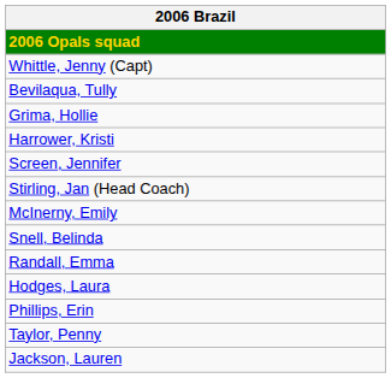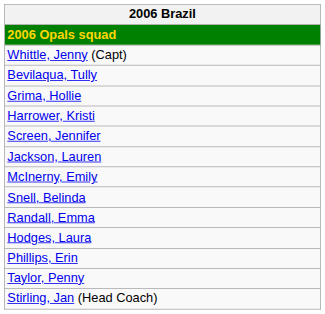 <table class="wikitable collapsible autocollapse" width=25%>
 <tr>
 <th>2006 Brazil</th>
 </tr>
 <tr>
 <td bgcolor=green style="color:gold; width:200px"><strong>2006 Opals squad</strong></td>
 </tr>
 <tr>
 <td><a href='#'>Whittle, Jenny</a> (Capt)</td>
 </tr>
 <tr>
 <td><a href='#'>Bevilaqua, Tully</a></td>
 </tr>
 <tr>
 <td><a href='#'>Grima, Hollie</a></td>
 </tr>
 <tr>
 <td><a href='#'>Harrower, Kristi</a></td>
 </tr>
 <tr>
 <td><a href='#'>Screen, Jennifer</a></td>
 </tr>
 <tr>
-<td><a href='#'>Stirling, Jan</a> (Head Coach)</td>
+<td><a href='#'>Jackson, Lauren</a></td>
 </tr>
 <tr>
 <td><a href='#'>McInerny, Emily</a></td>
 </tr>
 <tr>
 <td><a href='#'>Snell, Belinda</a></td>
 </tr>
 <tr>
 <td><a href='#'>Randall, Emma</a></td>
 </tr>
 <tr>
 <td><a href='#'>Hodges, Laura</a></td>
 </tr>
 <tr>
 <td><a href='#'>Phillips, Erin</a></td>
 </tr>
 <tr>
 <td><a href='#'>Taylor, Penny</a></td>
 </tr>
 <tr>
-<td><a href='#'>Jackson, Lauren</a></td>
+<td><a href='#'>Stirling, Jan</a> (Head Coach)</td>
 </tr>
 </table>
